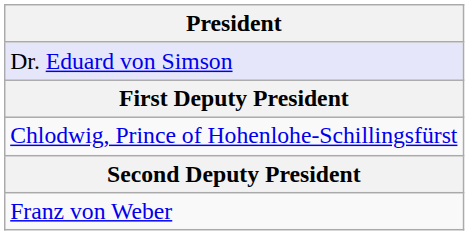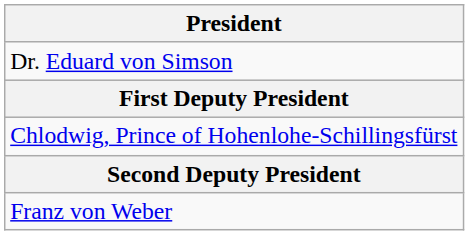 <table class="wikitable">
 <tr>
 <th>President</th>
 </tr>
 <tr>
-<td style="background: lavender;">Dr. <a href='#'>Eduard von Simson</a></td>
+<td>Dr. <a href='#'>Eduard von Simson</a></td>
 </tr>
 <tr>
 <th>First Deputy President</th>
 </tr>
 <tr>
 <td><a href='#'>Chlodwig, Prince of Hohenlohe-Schillingsfürst</a></td>
 </tr>
 <tr>
 <th>Second Deputy President</th>
 </tr>
 <tr>
 <td><a href='#'>Franz von Weber</a></td>
 </tr>
 </table>
